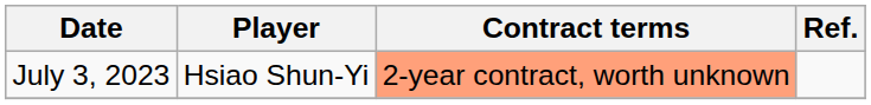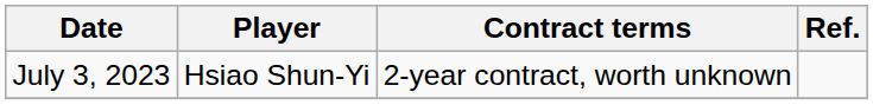 <table class="wikitable">
 <tr>
 <th>Date</th>
 <th>Player</th>
 <th>Contract terms</th>
 <th>Ref.</th>
 </tr>
 <tr>
 <td>July 3, 2023</td>
 <td>Hsiao Shun-Yi</td>
-<td style="background: lightsalmon;">2-year contract, worth unknown</td>
+<td>2-year contract, worth unknown</td>
 <td></td>
 </tr>
 <tr>
 </tr>
 </table>
